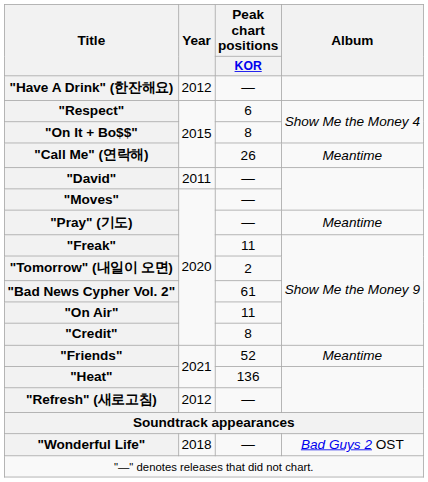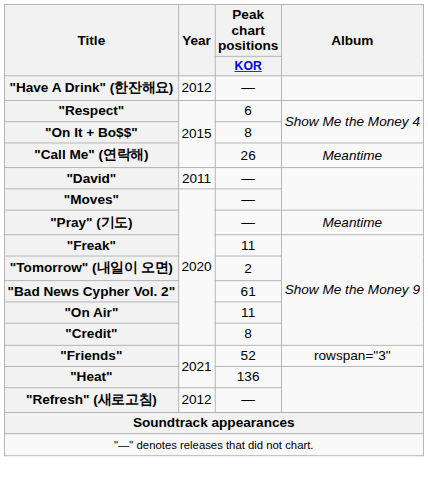 <table class="wikitable plainrowheaders" style="text-align:center;">
 <tr>
 <th scope="col" rowspan="2">Title</th>
 <th scope="col" rowspan="2">Year</th>
 <th scope="col" colspan="1">Peak chart positions</th>
 <th scope="col" rowspan="2">Album</th>
 </tr>
 <tr>
 <th scope="col" style="width:2.5em;font-size:90%;"><a href='#'>KOR</a><br></th>
 </tr>
 <tr>
 <th scope="row">"Have A Drink" (한잔해요) </th>
 <td>2012</td>
 <td>—</td>
 <td></td>
 </tr>
 <tr>
 <th scope="row">"Respect" </th>
 <td rowspan="3">2015</td>
 <td>6</td>
 <td rowspan="2"><em>Show Me the Money 4</em></td>
 </tr>
 <tr>
 <th scope="row">"On It + Bo$$" </th>
 <td>8</td>
 </tr>
 <tr>
 <th scope="row">"Call Me" (연락해) </th>
 <td>26</td>
 <td><em>Meantime</em></td>
 </tr>
 <tr>
 <th scope="row">"David"</th>
 <td>2011</td>
 <td>—</td>
 </tr>
 <tr>
 <th scope="row">"Moves" </th>
 <td rowspan="7">2020</td>
 <td>—</td>
 </tr>
 <tr>
 <th scope="row">"Pray" (기도) </th>
 <td>—</td>
 <td><em>Meantime</em></td>
 </tr>
 <tr>
 <th scope="row">"Freak" </th>
 <td>11</td>
 <td rowspan="5"><em>Show Me the Money 9</em></td>
 </tr>
 <tr>
 <th scope="row">"Tomorrow" (내일이 오면) </th>
 <td>2</td>
 </tr>
 <tr>
 <th scope="row">"Bad News Cypher Vol. 2" </th>
 <td>61</td>
 </tr>
 <tr>
 <th scope="row">"On Air" </th>
 <td>11</td>
 </tr>
 <tr>
 <th scope="row">"Credit" </th>
 <td>8</td>
 </tr>
 <tr>
 <th scope="row">"Friends" </th>
 <td rowspan="2">2021</td>
 <td>52</td>
-<td><em>Meantime</em></td>
+<td>rowspan="3" </td>
 </tr>
 <tr>
 <th scope="row">"Heat" </th>
 <td>136</td>
 </tr>
 <tr>
 <th scope="row">"Refresh" (새로고침) </th>
 <td>2012</td>
 <td>—</td>
 </tr>
 <tr>
 <th colspan="4" scope="col">Soundtrack appearances</th>
 </tr>
 <tr>
-<th scope="row">"Wonderful Life" </th>
-<td>2018</td>
-<td>—</td>
-<td><em><a href='#'>Bad Guys 2</a></em> OST</td>
-</tr>
-<tr>
 <td colspan="4" align="center"><small>"—" denotes releases that did not chart.</small></td>
 </tr>
 </table>
